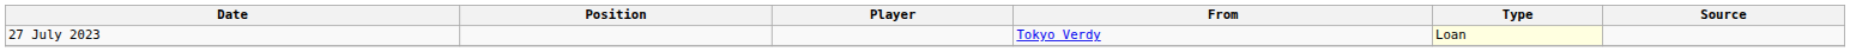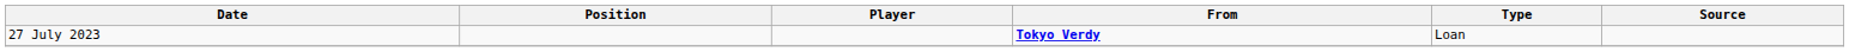 <table class="wikitable sortable" style="width:90%; text-align:center; font-size:95%; text-align:left;">
 <tr>
 <th>Date</th>
 <th>Position</th>
 <th>Player</th>
 <th>From</th>
 <th>Type</th>
 <th>Source</th>
 </tr>
 <tr>
 <td>27 July 2023</td>
 <td></td>
 <td></td>
-<td> <a href='#'>Tokyo Verdy</a></td>
-<td style="background: lightyellow;">Loan</td>
+<td><strong> <a href='#'>Tokyo Verdy</a></strong></td>
+<td>Loan</td>
 <td></td>
 </tr>
 <tr>
 </tr>
 </table>
